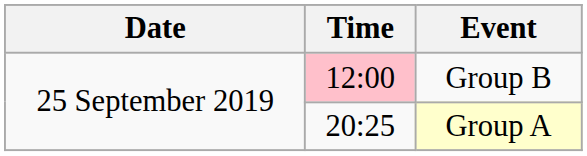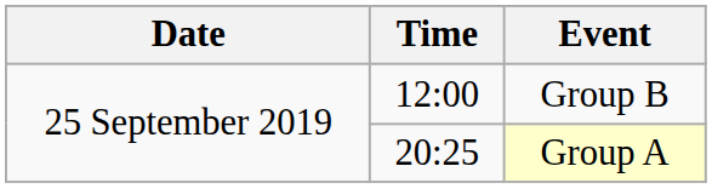 <table class = "wikitable" style="text-align:center;">
 <tr>
 <th width=150>Date</th>
 <th width=50>Time</th>
 <th width=80>Event</th>
 </tr>
 <tr>
 <td rowspan=2>25 September 2019</td>
-<td style="background: pink;">12:00</td>
+<td>12:00</td>
 <td>Group B</td>
 </tr>
 <tr>
 <td>20:25</td>
 <td bgcolor="ffffcc">Group A</td>
 </tr>
 </table>
